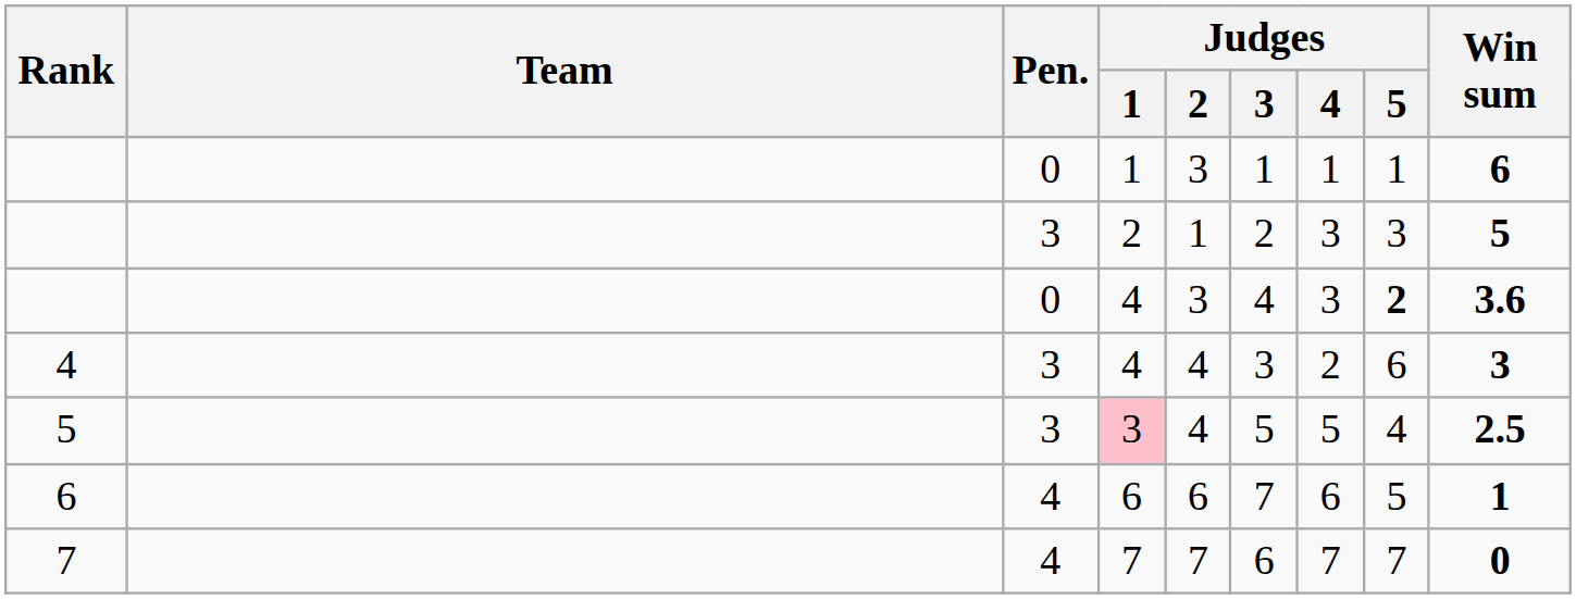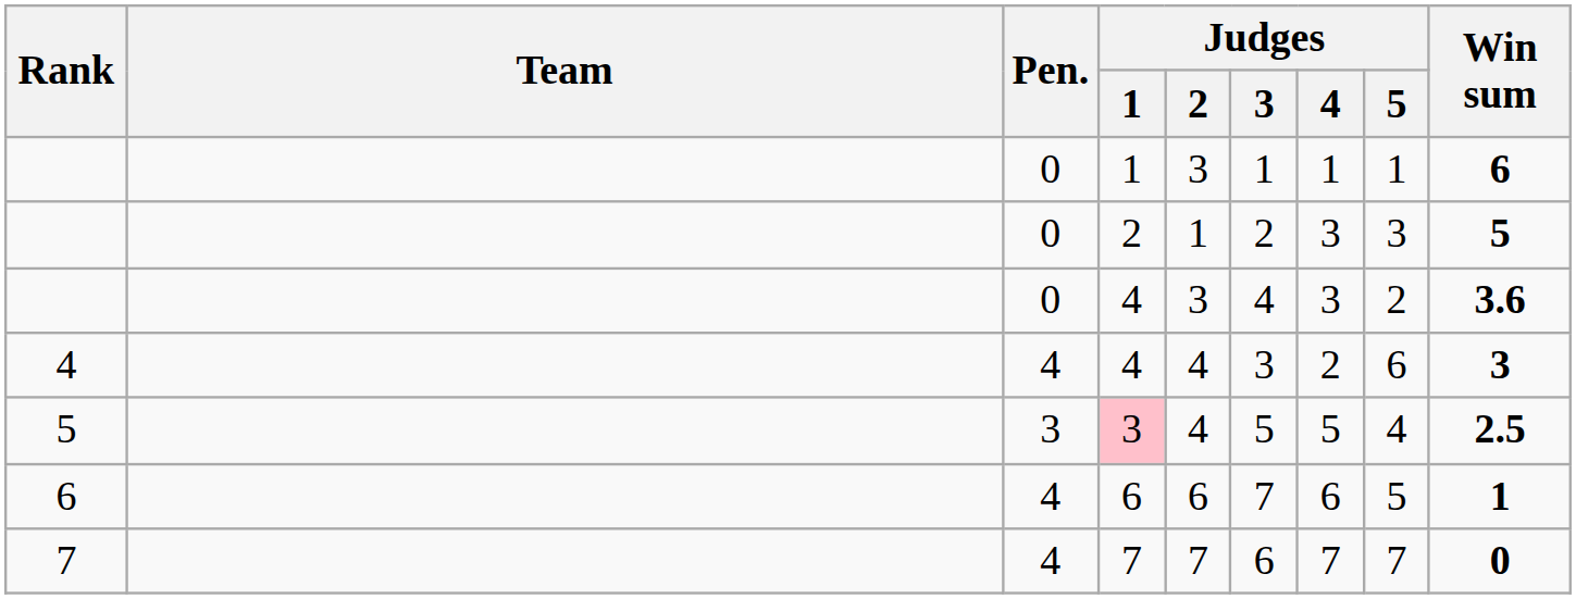 <table class=wikitable style="text-align:center">
 <tr>
 <th rowspan="2" width=40>Rank</th>
 <th rowspan="2" width=380>Team</th>
 <th rowspan="2" width=30>Pen.</th>
 <th colspan="5">Judges</th>
 <th rowspan="2" width=50>Win sum</th>
 </tr>
 <tr>
 <th width=20>1</th>
 <th width=20>2</th>
 <th width=20>3</th>
 <th width=20>4</th>
 <th width=20>5</th>
 </tr>
 <tr>
 <td></td>
 <td align=left></td>
 <td>0</td>
 <td>1</td>
 <td>3</td>
 <td>1</td>
 <td>1</td>
 <td>1</td>
 <td><strong>6</strong></td>
 </tr>
 <tr>
 <td></td>
 <td align=left></td>
-<td>3</td>
+<td>0</td>
 <td>2</td>
 <td>1</td>
 <td>2</td>
 <td>3</td>
 <td>3</td>
 <td><strong>5</strong></td>
 </tr>
 <tr>
 <td></td>
 <td align=left></td>
 <td>0</td>
 <td>4</td>
 <td>3</td>
 <td>4</td>
 <td>3</td>
-<td><strong>2</strong></td>
+<td>2</td>
 <td><strong>3.6</strong></td>
 </tr>
 <tr>
 <td>4</td>
 <td align=left></td>
-<td>3</td>
+<td>4</td>
 <td>4</td>
 <td>4</td>
 <td>3</td>
 <td>2</td>
 <td>6</td>
 <td><strong>3</strong></td>
 </tr>
 <tr>
 <td>5</td>
 <td align=left></td>
 <td>3</td>
 <td style="background: pink;">3</td>
 <td>4</td>
 <td>5</td>
 <td>5</td>
 <td>4</td>
 <td><strong>2.5</strong></td>
 </tr>
 <tr>
 <td>6</td>
 <td align=left></td>
 <td>4</td>
 <td>6</td>
 <td>6</td>
 <td>7</td>
 <td>6</td>
 <td>5</td>
 <td><strong>1</strong></td>
 </tr>
 <tr>
 <td>7</td>
 <td align=left></td>
 <td>4</td>
 <td>7</td>
 <td>7</td>
 <td>6</td>
 <td>7</td>
 <td>7</td>
 <td><strong>0</strong></td>
 </tr>
 </table>
